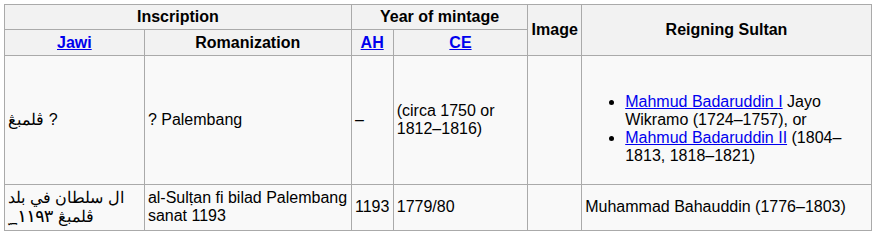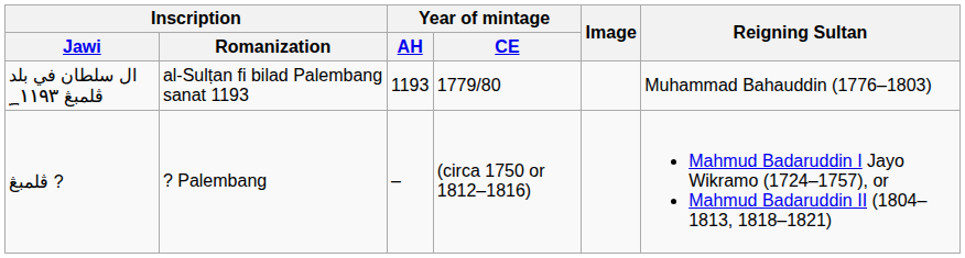 <table class="wikitable">
 <tr>
 <th colspan="2">Inscription</th>
 <th colspan="2">Year of mintage</th>
 <th rowspan="2">Image</th>
 <th rowspan="2">Reigning Sultan</th>
 </tr>
 <tr>
 <th><a href='#'>Jawi</a></th>
 <th>Romanization</th>
 <th><a href='#'>AH</a></th>
 <th><a href='#'>CE</a></th>
 </tr>
 <tr>
+<td>ال سلطان في بلد ڤلمبڠ ؁١١٩٣</td>
+<td>al-Sulṭan fi bilad Palembang sanat 1193</td>
+<td>1193</td>
+<td>1779/80</td>
+<td></td>
+<td>Muhammad Bahauddin (1776–1803)</td>
+</tr>
+<tr>
 <td>ڤلمبڠ ?</td>
 <td>? Palembang</td>
 <td>–</td>
 <td>(circa 1750 or  1812–1816)</td>
 <td></td>
 <td><br><ul><li><a href='#'>Mahmud Badaruddin I</a> Jayo Wikramo (1724–1757), or</li><li><a href='#'>Mahmud Badaruddin II</a> (1804–1813, 1818–1821)</li></ul></td>
 </tr>
-<tr>
-<td>ال سلطان في بلد ڤلمبڠ ؁١١٩٣</td>
-<td>al-Sulṭan fi bilad Palembang sanat 1193</td>
-<td>1193</td>
-<td>1779/80</td>
-<td></td>
-<td>Muhammad Bahauddin (1776–1803)</td>
-</tr>
 </table>
